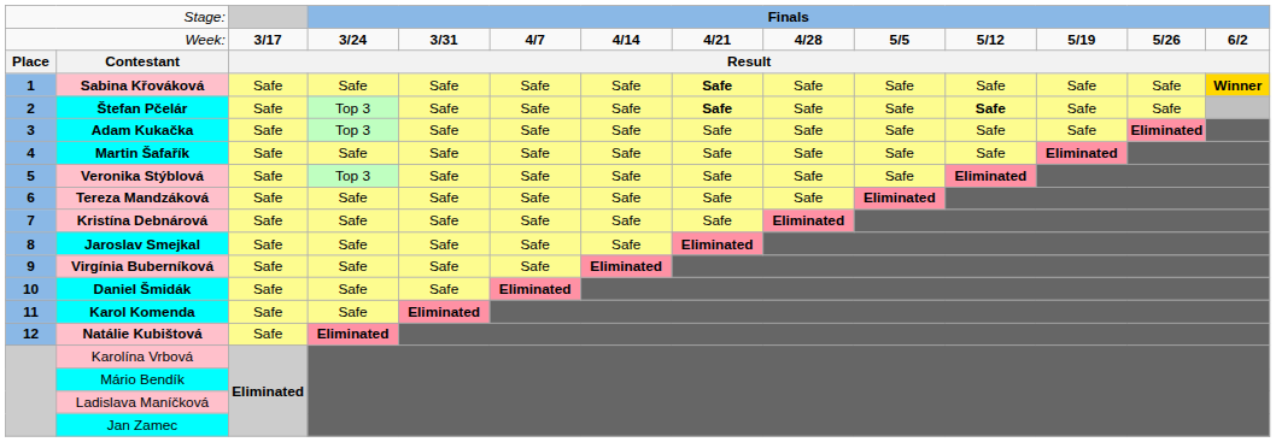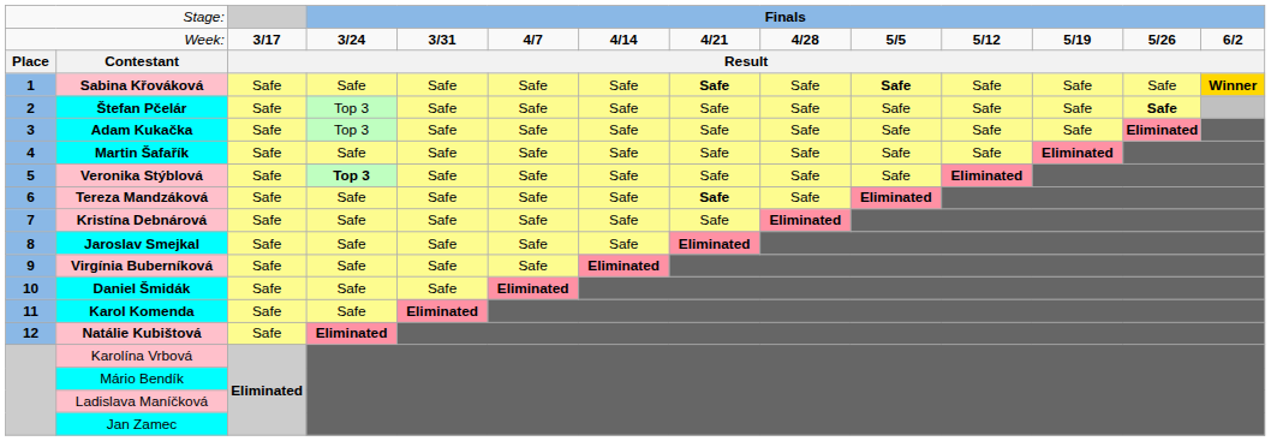 <table class="wikitable" style="margin:1em auto; text-align:center; font-size:89%">
 <tr>
 <td colspan="2" style="text-align:right;"><em>Stage:</em></td>
 <td width=6% style="background:#ccc;"></td>
 <td colspan="12" style="background:#8ab8e6;"><strong>Finals</strong></td>
 </tr>
 <tr>
 <td colspan="2" align="right"><em>Week:</em></td>
 <td align="center"><strong>3/17</strong></td>
 <td align="center"><strong>3/24</strong></td>
 <td align="center"><strong>3/31</strong></td>
 <td align="center"><strong>4/7</strong></td>
 <td align="center"><strong>4/14</strong></td>
 <td align="center"><strong>4/21</strong></td>
 <td align="center"><strong>4/28</strong></td>
 <td align="center"><strong>5/5</strong></td>
 <td align="center"><strong>5/12</strong></td>
 <td align="center"><strong>5/19</strong></td>
 <td width=6%><strong>5/26</strong></td>
 <td align="center"><strong>6/2</strong></td>
 </tr>
 <tr>
 <th>Place</th>
 <th>Contestant</th>
 <th colspan="14" align="center">Result</th>
 </tr>
 <tr>
 <td align="center" bgcolor="#8ab8e6" rowspan="1"><strong>1</strong></td>
 <td bgcolor="pink"><strong>Sabina Křováková</strong></td>
 <td style="background:#FDFC8F;">Safe</td>
 <td style="background:#FDFC8F;">Safe</td>
 <td style="background:#FDFC8F;">Safe</td>
 <td style="background:#FDFC8F;">Safe</td>
 <td style="background:#FDFC8F;">Safe</td>
 <td style="background:#FDFC8F;"><strong>Safe</strong></td>
 <td style="background:#FDFC8F;">Safe</td>
-<td style="background:#FDFC8F;">Safe</td>
+<td style="background:#FDFC8F;"><strong>Safe</strong></td>
 <td style="background:#FDFC8F;">Safe</td>
 <td style="background:#FDFC8F;">Safe</td>
 <td style="background:#FDFC8F;">Safe</td>
 <td style="background:gold;"><strong>Winner</strong></td>
 </tr>
 <tr>
 <td align="center" bgcolor="#8ab8e6" rowspan="1"><strong>2</strong></td>
 <td bgcolor="cyan"><strong>Štefan Pčelár</strong></td>
 <td style="background:#FDFC8F;">Safe</td>
 <td style="background:#BFFFC0;">Top 3</td>
 <td style="background:#FDFC8F;">Safe</td>
 <td style="background:#FDFC8F;">Safe</td>
 <td style="background:#FDFC8F;">Safe</td>
-<td style="background:#FDFC8F;"><strong>Safe</strong></td>
+<td style="background:#FDFC8F;">Safe</td>
+<td style="background:#FDFC8F;">Safe</td>
+<td style="background:#FDFC8F;">Safe</td>
 <td style="background:#FDFC8F;">Safe</td>
 <td style="background:#FDFC8F;">Safe</td>
 <td style="background:#FDFC8F;"><strong>Safe</strong></td>
-<td style="background:#FDFC8F;">Safe</td>
-<td style="background:#FDFC8F;">Safe</td>
 <td style="background:silver;"></td>
 </tr>
 <tr>
 <td align="center" bgcolor="#8ab8e6" rowspan="1"><strong>3</strong></td>
 <td bgcolor="cyan"><strong>Adam Kukačka</strong></td>
 <td style="background:#FDFC8F;">Safe</td>
 <td style="background:#BFFFC0;">Top 3</td>
 <td style="background:#FDFC8F;">Safe</td>
 <td style="background:#FDFC8F;">Safe</td>
 <td style="background:#FDFC8F;">Safe</td>
 <td style="background:#FDFC8F;">Safe</td>
 <td style="background:#FDFC8F;">Safe</td>
 <td style="background:#FDFC8F;">Safe</td>
 <td style="background:#FDFC8F;">Safe</td>
 <td style="background:#FDFC8F;">Safe</td>
 <td style="background:#FF91A4;"><strong>Eliminated</strong></td>
 <td colspan="10" bgcolor="666666"></td>
 </tr>
 <tr>
 <td align="center" bgcolor="#8ab8e6" rowspan="1"><strong>4</strong></td>
 <td bgcolor="cyan"><strong>Martin Šafařík</strong></td>
 <td style="background:#FDFC8F;">Safe</td>
 <td style="background:#FDFC8F;">Safe</td>
 <td style="background:#FDFC8F;">Safe</td>
 <td style="background:#FDFC8F;">Safe</td>
 <td style="background:#FDFC8F;">Safe</td>
 <td style="background:#FDFC8F;">Safe</td>
 <td style="background:#FDFC8F;">Safe</td>
 <td style="background:#FDFC8F;">Safe</td>
 <td style="background:#FDFC8F;">Safe</td>
 <td style="background:#FF91A4;"><strong>Eliminated</strong></td>
 <td colspan="10" bgcolor="666666"></td>
 </tr>
 <tr>
 <td align="center" bgcolor="#8ab8e6" rowspan="1"><strong>5</strong></td>
 <td bgcolor="pink"><strong>Veronika Stýblová</strong></td>
 <td style="background:#FDFC8F;">Safe</td>
-<td style="background:#BFFFC0;">Top 3</td>
+<td style="background:#BFFFC0;"><strong>Top 3</strong></td>
 <td style="background:#FDFC8F;">Safe</td>
 <td style="background:#FDFC8F;">Safe</td>
 <td style="background:#FDFC8F;">Safe</td>
 <td style="background:#FDFC8F;">Safe</td>
 <td style="background:#FDFC8F;">Safe</td>
 <td style="background:#FDFC8F;">Safe</td>
 <td style="background:#FF91A4;"><strong>Eliminated</strong></td>
 <td colspan="10" bgcolor="666666"></td>
 </tr>
 <tr>
 <td align="center" bgcolor="#8ab8e6" rowspan="1"><strong>6</strong></td>
 <td bgcolor="pink"><strong>Tereza Mandzáková</strong></td>
 <td style="background:#FDFC8F;">Safe</td>
 <td style="background:#FDFC8F;">Safe</td>
 <td style="background:#FDFC8F;">Safe</td>
 <td style="background:#FDFC8F;">Safe</td>
 <td style="background:#FDFC8F;">Safe</td>
-<td style="background:#FDFC8F;">Safe</td>
+<td style="background:#FDFC8F;"><strong>Safe</strong></td>
 <td style="background:#FDFC8F;">Safe</td>
 <td style="background:#FF91A4;"><strong>Eliminated</strong></td>
 <td colspan="10" bgcolor="666666"></td>
 </tr>
 <tr>
 <td align="center" bgcolor="#8ab8e6" rowspan="1"><strong>7</strong></td>
 <td bgcolor="pink"><strong>Kristína Debnárová</strong></td>
 <td style="background:#FDFC8F;">Safe</td>
 <td style="background:#FDFC8F;">Safe</td>
 <td style="background:#FDFC8F;">Safe</td>
 <td style="background:#FDFC8F;">Safe</td>
 <td style="background:#FDFC8F;">Safe</td>
 <td style="background:#FDFC8F;">Safe</td>
 <td style="background:#FF91A4;"><strong>Eliminated</strong></td>
 <td colspan="10" bgcolor="666666"></td>
 </tr>
 <tr>
 <td align="center" bgcolor="#8ab8e6" rowspan="1"><strong>8</strong></td>
 <td bgcolor="cyan"><strong>Jaroslav Smejkal</strong></td>
 <td style="background:#FDFC8F;">Safe</td>
 <td style="background:#FDFC8F;">Safe</td>
 <td style="background:#FDFC8F;">Safe</td>
 <td style="background:#FDFC8F;">Safe</td>
 <td style="background:#FDFC8F;">Safe</td>
 <td style="background:#FF91A4;"><strong>Eliminated</strong></td>
 <td colspan="10" bgcolor="666666"></td>
 </tr>
 <tr>
 <td align="center" bgcolor="#8ab8e6" rowspan="1"><strong>9</strong></td>
 <td bgcolor="pink"><strong>Virgínia Buberníková</strong></td>
 <td style="background:#FDFC8F;">Safe</td>
 <td style="background:#FDFC8F;">Safe</td>
 <td style="background:#FDFC8F;">Safe</td>
 <td style="background:#FDFC8F;">Safe</td>
 <td style="background:#FF91A4;"><strong>Eliminated</strong></td>
 <td colspan="10" bgcolor="666666"></td>
 </tr>
 <tr>
 <td align="center" bgcolor="#8ab8e6" rowspan="1"><strong>10</strong></td>
 <td bgcolor="cyan"><strong>Daniel Šmidák</strong></td>
 <td style="background:#FDFC8F;">Safe</td>
 <td style="background:#FDFC8F;">Safe</td>
 <td style="background:#FDFC8F;">Safe</td>
 <td style="background:#FF91A4;"><strong>Eliminated</strong></td>
 <td colspan="10" bgcolor="666666"></td>
 </tr>
 <tr>
 <td align="center" bgcolor="#8ab8e6" rowspan="1"><strong>11</strong></td>
 <td bgcolor="cyan"><strong>Karol Komenda</strong></td>
 <td style="background:#FDFC8F;">Safe</td>
 <td style="background:#FDFC8F;">Safe</td>
 <td style="background:#FF91A4;"><strong>Eliminated</strong></td>
 <td colspan="10" bgcolor="666666"></td>
 </tr>
 <tr>
 <td align="center" bgcolor="#8ab8e6" rowspan="1"><strong>12</strong></td>
 <td bgcolor="pink"><strong>Natálie Kubištová</strong></td>
 <td style="background:#FDFC8F;">Safe</td>
 <td style="background:#FF91A4;"><strong>Eliminated</strong></td>
 <td colspan="10" bgcolor="666666"></td>
 </tr>
 <tr>
 <td bgcolor="#CCCCCC" rowspan=4></td>
 <td bgcolor="pink">Karolína Vrbová</td>
 <td bgcolor="CCCCCC" rowspan="4" align="center"><strong>Eliminated</strong></td>
 <td rowspan="4" colspan="13" bgcolor="666666"></td>
 </tr>
 <tr>
 <td bgcolor="cyan">Mário Bendík</td>
 </tr>
 <tr>
 <td bgcolor="pink">Ladislava Maníčková</td>
 </tr>
 <tr>
 <td bgcolor="cyan">Jan Zamec</td>
 </tr>
 </table>
